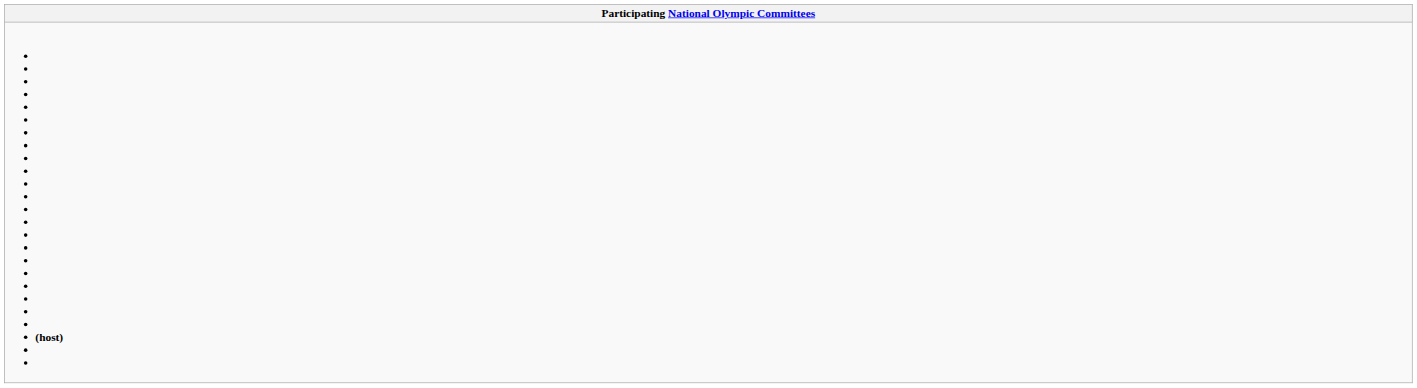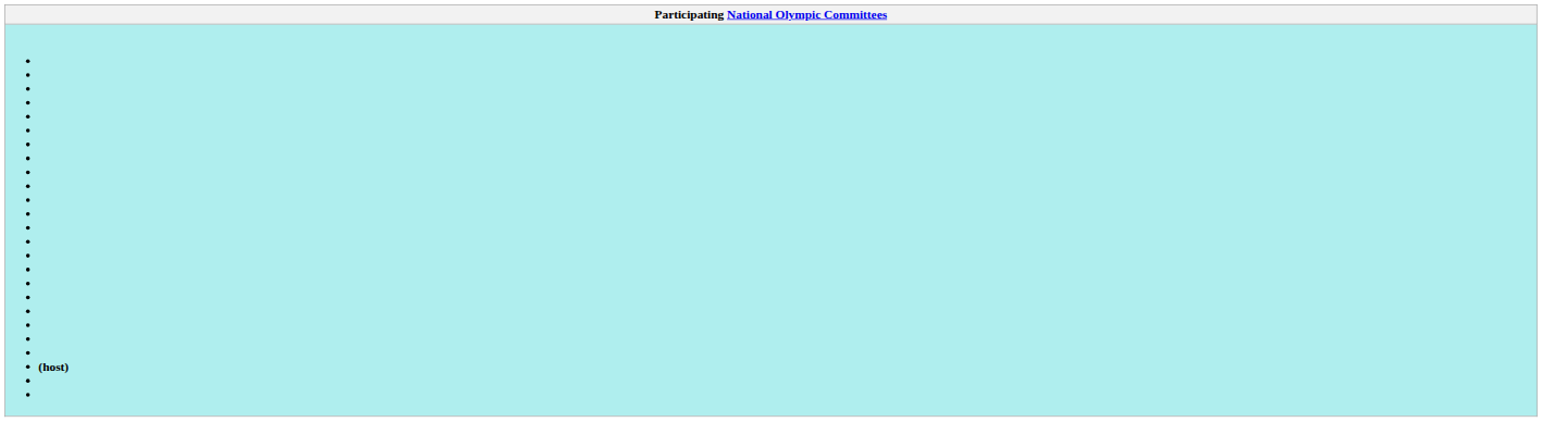 <table class="wikitable collapsible" style="width:100%;">
 <tr>
 <th>Participating <a href='#'>National Olympic Committees</a></th>
 </tr>
 <tr>
-<td><br><ul><li></li><li></li><li></li><li></li><li></li><li></li><li></li><li></li><li></li><li></li><li></li><li></li><li></li><li></li><li></li><li></li><li></li><li></li><li></li><li></li><li></li><li></li><li> <strong>(host)</strong></li><li></li><li></li></ul></td>
+<td style="background: paleturquoise;"><br><ul><li></li><li></li><li></li><li></li><li></li><li></li><li></li><li></li><li></li><li></li><li></li><li></li><li></li><li></li><li></li><li></li><li></li><li></li><li></li><li></li><li></li><li></li><li> <strong>(host)</strong></li><li></li><li></li></ul></td>
 </tr>
 </table>
